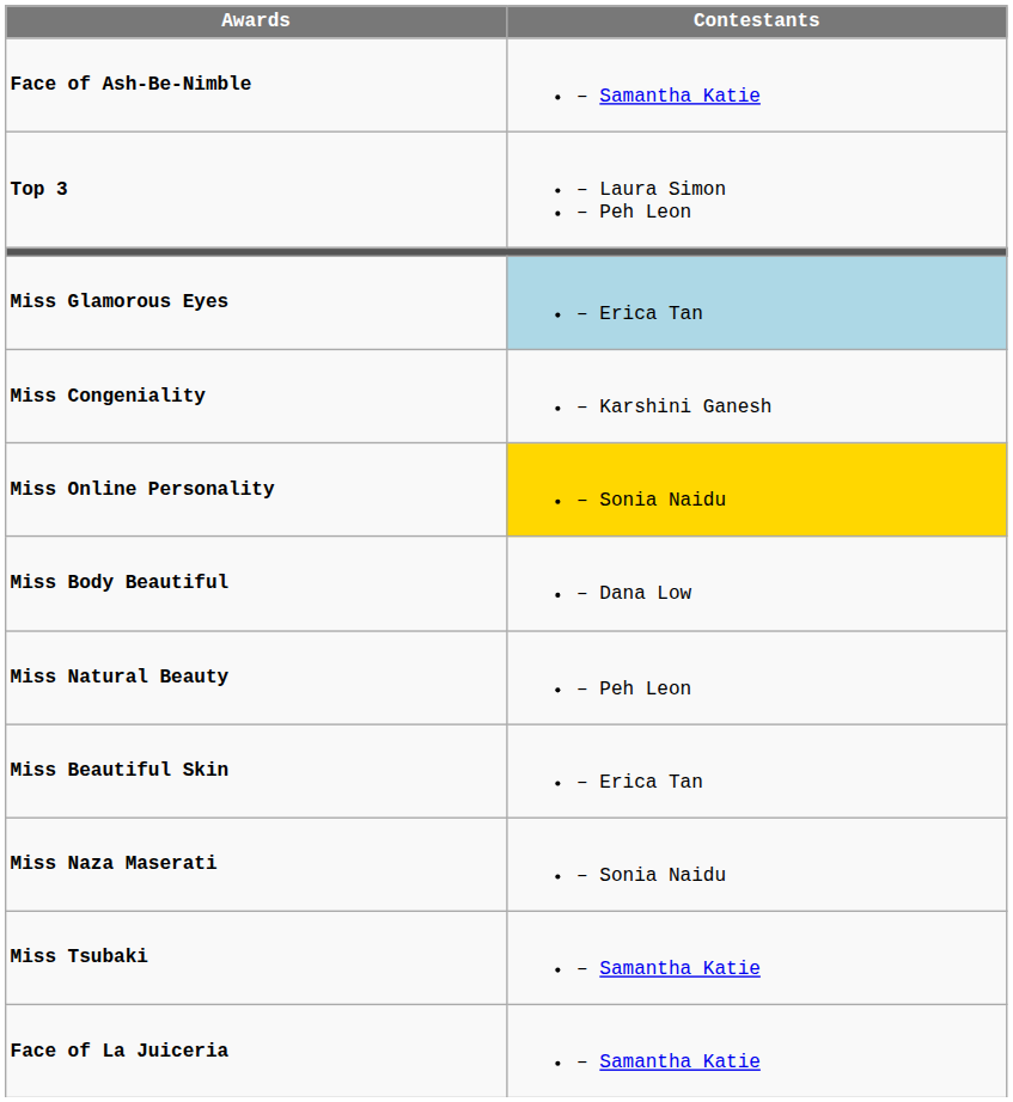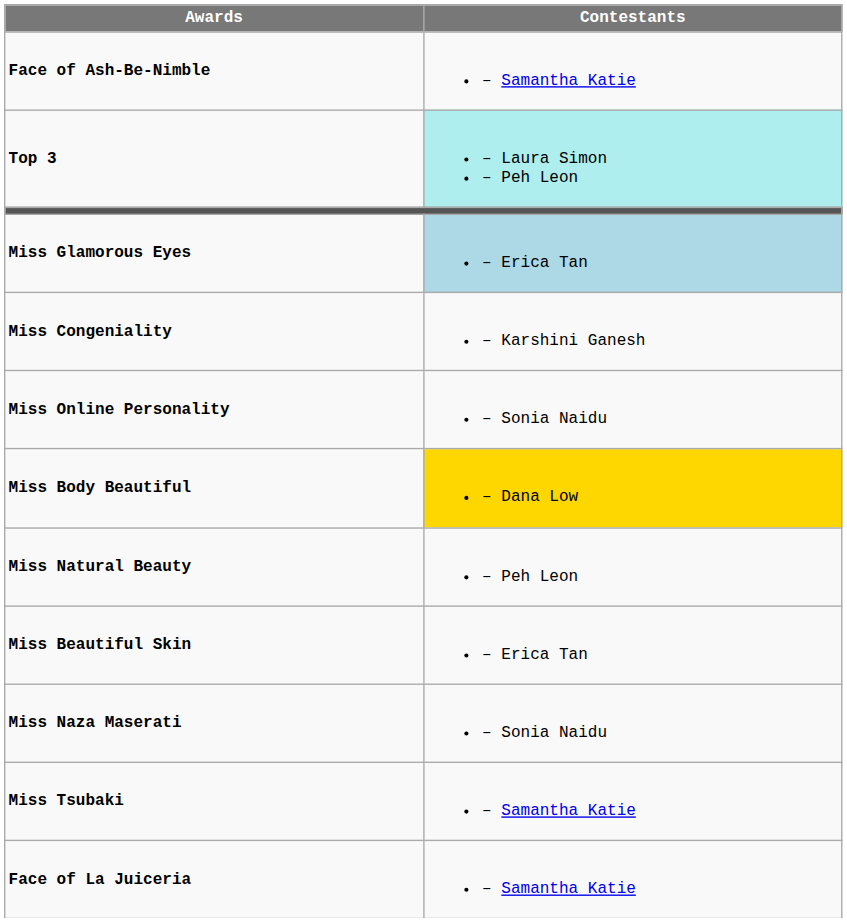 <table class="wikitable sortable" style="font-size:90%;">
 <tr>
 <th style="width:300px;background-color:#787878;color:#FFFFFF;">Awards</th>
 <th style="width:300px;background-color:#787878;color:#FFFFFF;">Contestants</th>
 </tr>
 <tr>
 <td><strong>Face of Ash-Be-Nimble</strong></td>
 <td><br><ul><li><strong></strong> – <a href='#'>Samantha Katie</a></li></ul></td>
 </tr>
 <tr>
 <td><strong>Top 3</strong></td>
-<td><br><ul><li><strong></strong> – Laura Simon</li><li><strong></strong> – Peh Leon</li></ul></td>
+<td style="background: paleturquoise;"><br><ul><li><strong></strong> – Laura Simon</li><li><strong></strong> – Peh Leon</li></ul></td>
 </tr>
 <tr style="background:#555;">
 <td colspan="5"></td>
 </tr>
 <tr>
 <td><strong>Miss Glamorous Eyes</strong></td>
 <td style="background: lightblue;"><br><ul><li><strong></strong> – Erica Tan</li></ul></td>
 </tr>
 <tr>
 <td><strong>Miss Congeniality</strong></td>
 <td><br><ul><li><strong></strong> – Karshini Ganesh</li></ul></td>
 </tr>
 <tr>
 <td><strong>Miss Online Personality</strong></td>
-<td style="background: gold;"><br><ul><li><strong></strong> – Sonia Naidu</li></ul></td>
+<td><br><ul><li><strong></strong> – Sonia Naidu</li></ul></td>
 </tr>
 <tr>
 <td><strong>Miss Body Beautiful</strong></td>
-<td><br><ul><li><strong></strong> – Dana Low</li></ul></td>
+<td style="background: gold;"><br><ul><li><strong></strong> – Dana Low</li></ul></td>
 </tr>
 <tr>
 <td><strong>Miss Natural Beauty</strong></td>
 <td><br><ul><li><strong></strong> – Peh Leon</li></ul></td>
 </tr>
 <tr>
 <td><strong>Miss Beautiful Skin</strong></td>
 <td><br><ul><li><strong></strong> – Erica Tan</li></ul></td>
 </tr>
 <tr>
 <td><strong>Miss Naza Maserati</strong></td>
 <td><br><ul><li><strong></strong> – Sonia Naidu</li></ul></td>
 </tr>
 <tr>
 <td><strong>Miss Tsubaki</strong></td>
 <td><br><ul><li><strong></strong> – <a href='#'>Samantha Katie</a></li></ul></td>
 </tr>
 <tr>
 <td><strong>Face of La Juiceria</strong></td>
 <td><br><ul><li><strong></strong> – <a href='#'>Samantha Katie</a></li></ul></td>
 </tr>
 </table>
